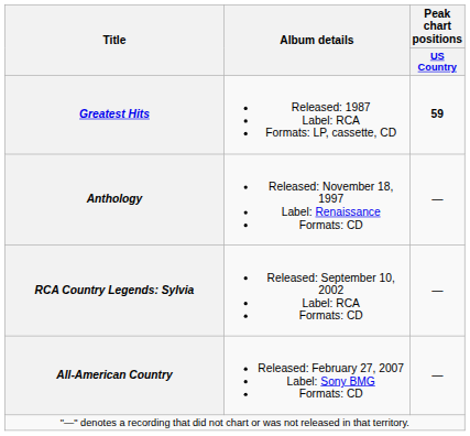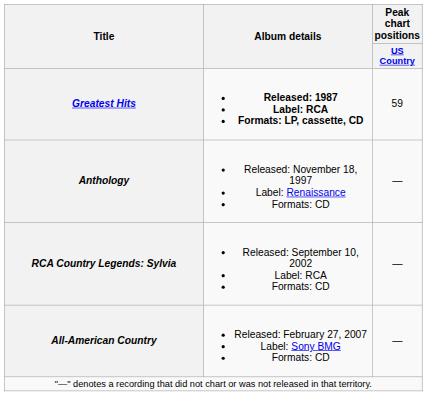 <table class="wikitable plainrowheaders" style="text-align:center;">
 <tr>
 <th scope="col" rowspan="2" style="width:19em;">Title</th>
 <th scope="col" rowspan="2" style="width:16em;">Album details</th>
 <th scope="col" colspan="1">Peak<br>chart<br>positions</th>
 </tr>
 <tr>
 <th scope="col" style="width:3em;font-size:90%;"><a href='#'>US<br>Country</a><br></th>
 </tr>
 <tr>
 <th scope="row"><em><a href='#'>Greatest Hits</a></em></th>
-<td><br><ul><li>Released: 1987</li><li>Label: RCA</li><li>Formats: LP, cassette, CD</li></ul></td>
-<td><strong>59</strong></td>
+<td><strong><br><ul><li>Released: 1987</li><li>Label: RCA</li><li>Formats: LP, cassette, CD</li></ul></strong></td>
+<td>59</td>
 </tr>
 <tr>
 <th scope="row"><em>Anthology</em></th>
 <td><br><ul><li>Released: November 18, 1997</li><li>Label: <a href='#'>Renaissance</a></li><li>Formats: CD</li></ul></td>
 <td>—</td>
 </tr>
 <tr>
 <th scope="row"><em>RCA Country Legends: Sylvia</em></th>
 <td><br><ul><li>Released: September 10, 2002</li><li>Label: RCA</li><li>Formats: CD</li></ul></td>
 <td>—</td>
 </tr>
 <tr>
 <th scope="row"><em>All-American Country</em></th>
 <td><br><ul><li>Released: February 27, 2007</li><li>Label: <a href='#'>Sony BMG</a></li><li>Formats: CD</li></ul></td>
 <td>—</td>
 </tr>
 <tr>
 <td colspan="3" style="font-size:90%">"—" denotes a recording that did not chart or was not released in that territory.</td>
 </tr>
 </table>
